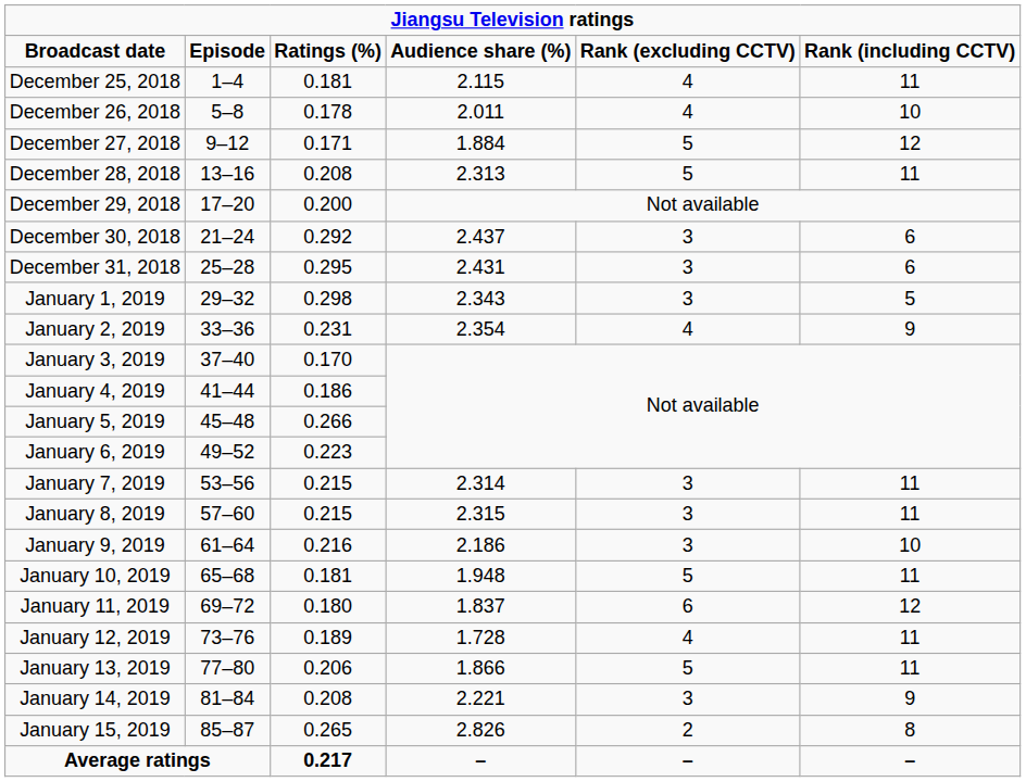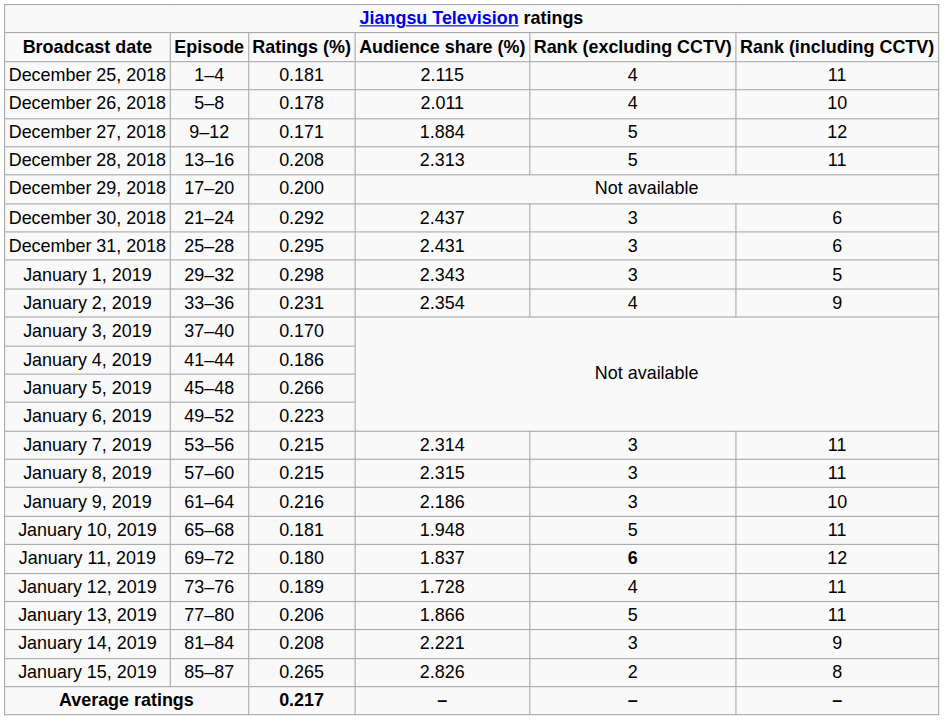 <table class="wikitable sortable mw-collapsible jquery-tablesorter" style="text-align:center">
 <tr>
 <td colspan="6"><strong><a href='#'>Jiangsu Television</a> ratings</strong></td>
 </tr>
 <tr>
 <td><strong>Broadcast date</strong></td>
 <td><strong>Episode</strong></td>
 <td><strong>Ratings (%)</strong></td>
 <td><strong>Audience share (%)</strong></td>
 <td><strong>Rank (excluding CCTV)</strong></td>
 <td><strong>Rank (including CCTV)</strong></td>
 </tr>
 <tr>
 <td>December 25, 2018</td>
 <td>1–4</td>
 <td>0.181</td>
 <td>2.115</td>
 <td>4</td>
 <td>11</td>
 </tr>
 <tr>
 <td>December 26, 2018</td>
 <td>5–8</td>
 <td>0.178</td>
 <td>2.011</td>
 <td>4</td>
 <td>10</td>
 </tr>
 <tr>
 <td>December 27, 2018</td>
 <td>9–12</td>
 <td>0.171</td>
 <td>1.884</td>
 <td>5</td>
 <td>12</td>
 </tr>
 <tr>
 <td>December 28, 2018</td>
 <td>13–16</td>
 <td>0.208</td>
 <td>2.313</td>
 <td>5</td>
 <td>11</td>
 </tr>
 <tr>
 <td>December 29, 2018</td>
 <td>17–20</td>
 <td>0.200</td>
 <td colspan="3" rowspan="1">Not available</td>
 </tr>
 <tr>
 <td>December 30, 2018</td>
 <td>21–24</td>
 <td>0.292</td>
 <td>2.437</td>
 <td>3</td>
 <td>6</td>
 </tr>
 <tr>
 <td>December 31, 2018</td>
 <td>25–28</td>
 <td>0.295</td>
 <td>2.431</td>
 <td>3</td>
 <td>6</td>
 </tr>
 <tr>
 <td>January 1, 2019</td>
 <td>29–32</td>
 <td>0.298</td>
 <td>2.343</td>
 <td>3</td>
 <td>5</td>
 </tr>
 <tr>
 <td>January 2, 2019</td>
 <td>33–36</td>
 <td>0.231</td>
 <td>2.354</td>
 <td>4</td>
 <td>9</td>
 </tr>
 <tr>
 <td>January 3, 2019</td>
 <td>37–40</td>
 <td>0.170</td>
 <td colspan="3" rowspan="4">Not available</td>
 </tr>
 <tr>
 <td>January 4, 2019</td>
 <td>41–44</td>
 <td>0.186</td>
 </tr>
 <tr>
 <td>January 5, 2019</td>
 <td>45–48</td>
 <td>0.266</td>
 </tr>
 <tr>
 <td>January 6, 2019</td>
 <td>49–52</td>
 <td>0.223</td>
 </tr>
 <tr>
 <td>January 7, 2019</td>
 <td>53–56</td>
 <td>0.215</td>
 <td>2.314</td>
 <td>3</td>
 <td>11</td>
 </tr>
 <tr>
 <td>January 8, 2019</td>
 <td>57–60</td>
 <td>0.215</td>
 <td>2.315</td>
 <td>3</td>
 <td>11</td>
 </tr>
 <tr>
 <td>January 9, 2019</td>
 <td>61–64</td>
 <td>0.216</td>
 <td>2.186</td>
 <td>3</td>
 <td>10</td>
 </tr>
 <tr>
 <td>January 10, 2019</td>
 <td>65–68</td>
 <td>0.181</td>
 <td>1.948</td>
 <td>5</td>
 <td>11</td>
 </tr>
 <tr>
 <td>January 11, 2019</td>
 <td>69–72</td>
 <td>0.180</td>
 <td>1.837</td>
-<td>6</td>
+<td><strong>6</strong></td>
 <td>12</td>
 </tr>
 <tr>
 <td>January 12, 2019</td>
 <td>73–76</td>
 <td>0.189</td>
 <td>1.728</td>
 <td>4</td>
 <td>11</td>
 </tr>
 <tr>
 <td>January 13, 2019</td>
 <td>77–80</td>
 <td>0.206</td>
 <td>1.866</td>
 <td>5</td>
 <td>11</td>
 </tr>
 <tr>
 <td>January 14, 2019</td>
 <td>81–84</td>
 <td>0.208</td>
 <td>2.221</td>
 <td>3</td>
 <td>9</td>
 </tr>
 <tr>
 <td>January 15, 2019</td>
 <td>85–87</td>
 <td>0.265</td>
 <td>2.826</td>
 <td>2</td>
 <td>8</td>
 </tr>
 <tr>
 <td colspan="2" rowspan="1"><strong>Average ratings</strong></td>
 <td><strong>0.217</strong></td>
 <td><strong>–</strong></td>
 <td><strong>–</strong></td>
 <td><strong>–</strong></td>
 </tr>
 </table>
